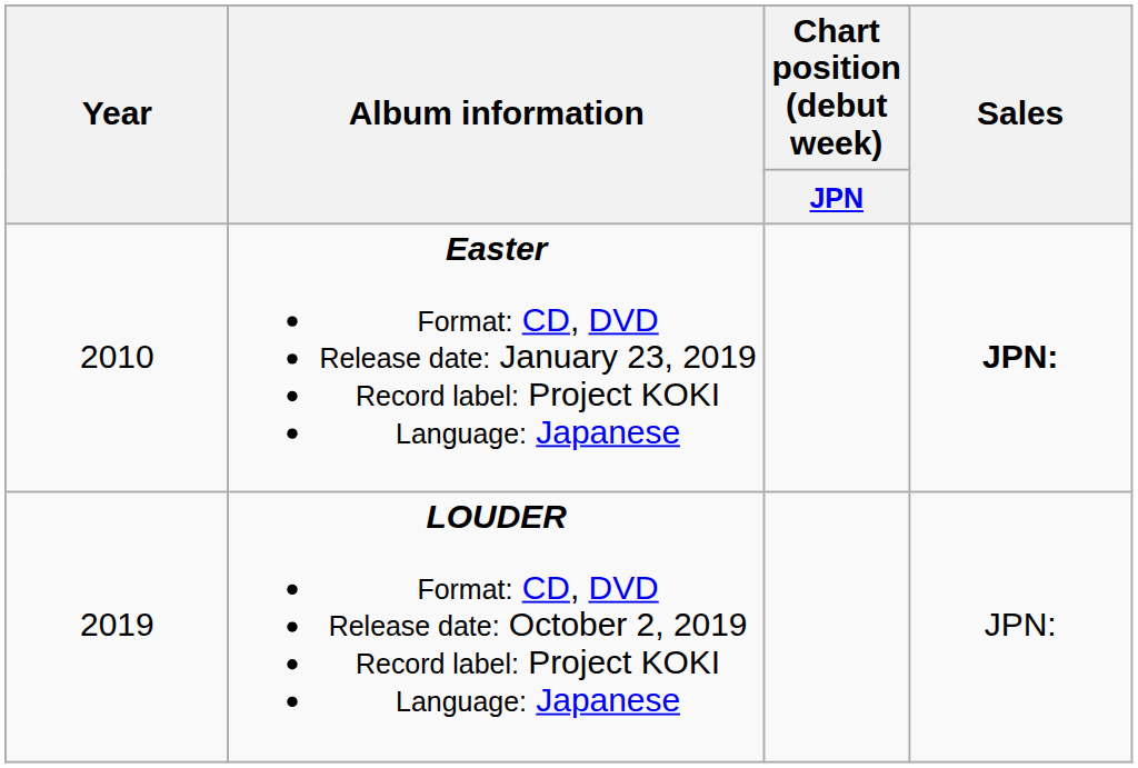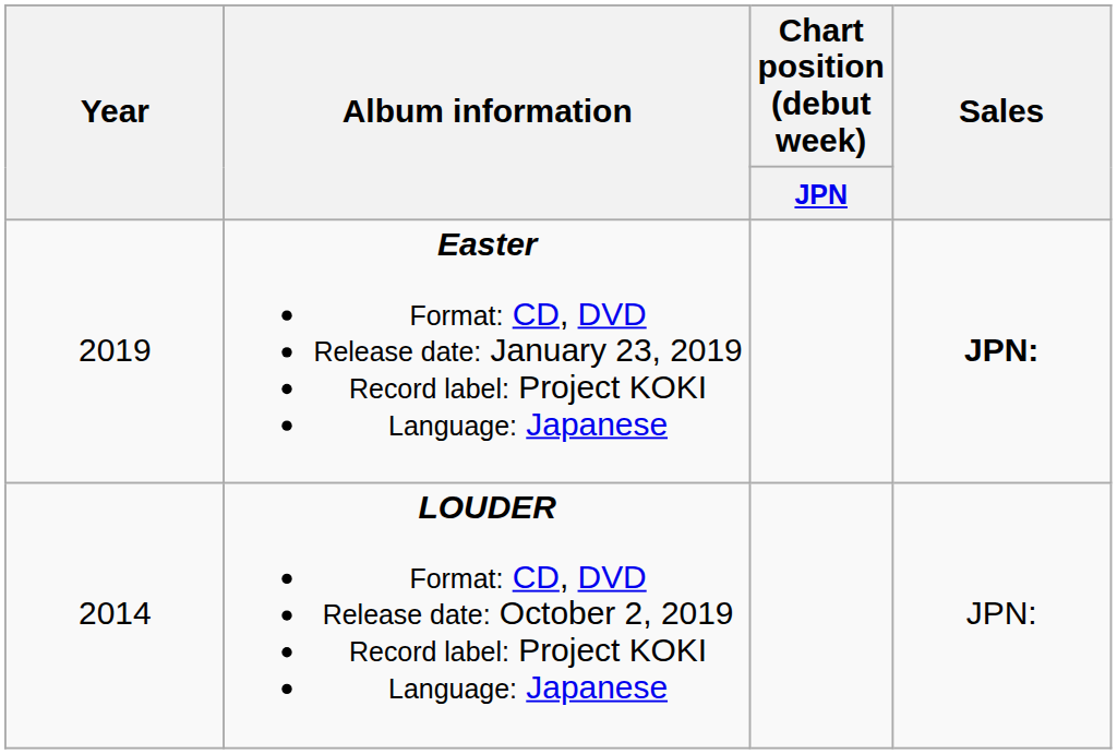 <table class="wikitable" style="text-align:center;">
 <tr>
 <th rowspan="2" style="width:100px;">Year</th>
 <th rowspan="2">Album information</th>
 <th colspan="1">Chart position (debut week)</th>
 <th rowspan=2 width="100">Sales</th>
 </tr>
 <tr>
 <th width="30"><small><a href='#'>JPN</a></small></th>
 </tr>
 <tr>
-<td>2010</td>
+<td>2019</td>
 <td><strong><em>Easter</em></strong><br><ul><li><small>Format:</small> <a href='#'>CD</a>, <a href='#'>DVD</a></li><li><small>Release date:</small> January 23, 2019</li><li><small>Record label:</small> Project KOKI</li><li><small>Language:</small> <a href='#'>Japanese</a></li></ul></td>
 <td style="text-align:center;"></td>
 <td><strong>JPN:</strong></td>
 </tr>
 <tr>
-<td>2019</td>
+<td>2014</td>
 <td><strong><em>LOUDER</em></strong><br><ul><li><small>Format:</small> <a href='#'>CD</a>, <a href='#'>DVD</a></li><li><small>Release date:</small> October 2, 2019</li><li><small>Record label:</small> Project KOKI</li><li><small>Language:</small> <a href='#'>Japanese</a></li></ul></td>
 <td style="text-align:center;"></td>
 <td>JPN:</td>
 </tr>
 </table>
